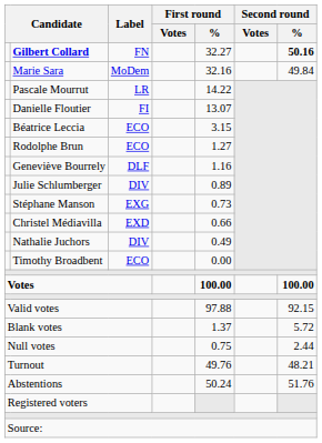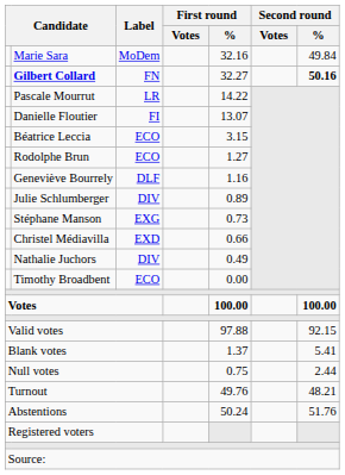 <table class="wikitable" style="text-align:right;font-size:95%;">
 <tr>
 <th rowspan="2" colspan="2">Candidate</th>
 <th rowspan="2">Label</th>
 <th colspan="2">First round</th>
 <th colspan="2">Second round</th>
 </tr>
 <tr>
 <th style="width:50px;">Votes</th>
 <th style="width:45px;">%</th>
 <th style="width:50px;">Votes</th>
 <th style="width:45px;">%</th>
 </tr>
 <tr>
 <td style="color:inherit;background:"></td>
+<td style="text-align:left;"><a href='#'>Marie Sara</a></td>
+<td><a href='#'>MoDem</a></td>
+<td></td>
+<td>32.16</td>
+<td></td>
+<td>49.84</td>
+</tr>
+<tr>
+<td style="color:inherit;background:"></td>
 <td style="text-align:left;"><strong><a href='#'>Gilbert Collard</a></strong></td>
 <td><a href='#'>FN</a></td>
 <td></td>
 <td>32.27</td>
 <td><strong></strong></td>
 <td><strong>50.16</strong></td>
-</tr>
-<tr>
-<td style="color:inherit;background:"></td>
-<td style="text-align:left;"><a href='#'>Marie Sara</a></td>
-<td><a href='#'>MoDem</a></td>
-<td></td>
-<td>32.16</td>
-<td></td>
-<td>49.84</td>
 </tr>
 <tr>
 <td style="color:inherit;background:"></td>
 <td style="text-align:left;">Pascale Mourrut</td>
 <td><a href='#'>LR</a></td>
 <td></td>
 <td>14.22</td>
 <td colspan="2" rowspan="10" style="background:#E9E9E9;"></td>
 </tr>
 <tr>
 <td style="color:inherit;background:"></td>
 <td style="text-align:left;">Danielle Floutier</td>
 <td><a href='#'>FI</a></td>
 <td></td>
 <td>13.07</td>
 </tr>
 <tr>
 <td style="color:inherit;background:"></td>
 <td style="text-align:left;">Béatrice Leccia</td>
 <td><a href='#'>ECO</a></td>
 <td></td>
 <td>3.15</td>
 </tr>
 <tr>
 <td style="color:inherit;background:"></td>
 <td style="text-align:left;">Rodolphe Brun</td>
 <td><a href='#'>ECO</a></td>
 <td></td>
 <td>1.27</td>
 </tr>
 <tr>
 <td style="color:inherit;background:"></td>
 <td style="text-align:left;">Geneviève Bourrely</td>
 <td><a href='#'>DLF</a></td>
 <td></td>
 <td>1.16</td>
 </tr>
 <tr>
 <td style="color:inherit;background:"></td>
 <td style="text-align:left;">Julie Schlumberger</td>
 <td><a href='#'>DIV</a></td>
 <td></td>
 <td>0.89</td>
 </tr>
 <tr>
 <td style="color:inherit;background:"></td>
 <td style="text-align:left;">Stéphane Manson</td>
 <td><a href='#'>EXG</a></td>
 <td></td>
 <td>0.73</td>
 </tr>
 <tr>
 <td style="color:inherit;background:"></td>
 <td style="text-align:left;">Christel Médiavilla</td>
 <td><a href='#'>EXD</a></td>
 <td></td>
 <td>0.66</td>
 </tr>
 <tr>
 <td style="color:inherit;background:"></td>
 <td style="text-align:left;">Nathalie Juchors</td>
 <td><a href='#'>DIV</a></td>
 <td></td>
 <td>0.49</td>
 </tr>
 <tr>
 <td style="color:inherit;background:"></td>
 <td style="text-align:left;">Timothy Broadbent</td>
 <td><a href='#'>ECO</a></td>
 <td></td>
 <td>0.00</td>
 </tr>
 <tr>
 <td colspan="7" style="background:#E9E9E9;"></td>
 </tr>
 <tr style="font-weight:bold;">
 <td colspan="3" style="text-align:left;">Votes</td>
 <td></td>
 <td>100.00</td>
 <td></td>
 <td>100.00</td>
 </tr>
 <tr>
 <td colspan="7" style="background:#E9E9E9;"></td>
 </tr>
 <tr>
 <td colspan="3" style="text-align:left;">Valid votes</td>
 <td></td>
 <td>97.88</td>
 <td></td>
 <td>92.15</td>
 </tr>
 <tr>
 <td colspan="3" style="text-align:left;">Blank votes</td>
 <td></td>
 <td>1.37</td>
 <td></td>
-<td>5.72</td>
+<td>5.41</td>
 </tr>
 <tr>
 <td colspan="3" style="text-align:left;">Null votes</td>
 <td></td>
 <td>0.75</td>
 <td></td>
 <td>2.44</td>
 </tr>
 <tr>
 <td colspan="3" style="text-align:left;">Turnout</td>
 <td></td>
 <td>49.76</td>
 <td></td>
 <td>48.21</td>
 </tr>
 <tr>
 <td colspan="3" style="text-align:left;">Abstentions</td>
 <td></td>
 <td>50.24</td>
 <td></td>
 <td>51.76</td>
 </tr>
 <tr>
 <td colspan="3" style="text-align:left;">Registered voters</td>
 <td></td>
 <td style="color:inherit;background:#E9E9E9;"></td>
 <td></td>
 <td style="color:inherit;background:#E9E9E9;"></td>
 </tr>
 <tr>
 <td colspan="7" style="background:#E9E9E9;"></td>
 </tr>
 <tr>
 <td colspan="7" style="text-align:left;">Source: </td>
 </tr>
 </table>
